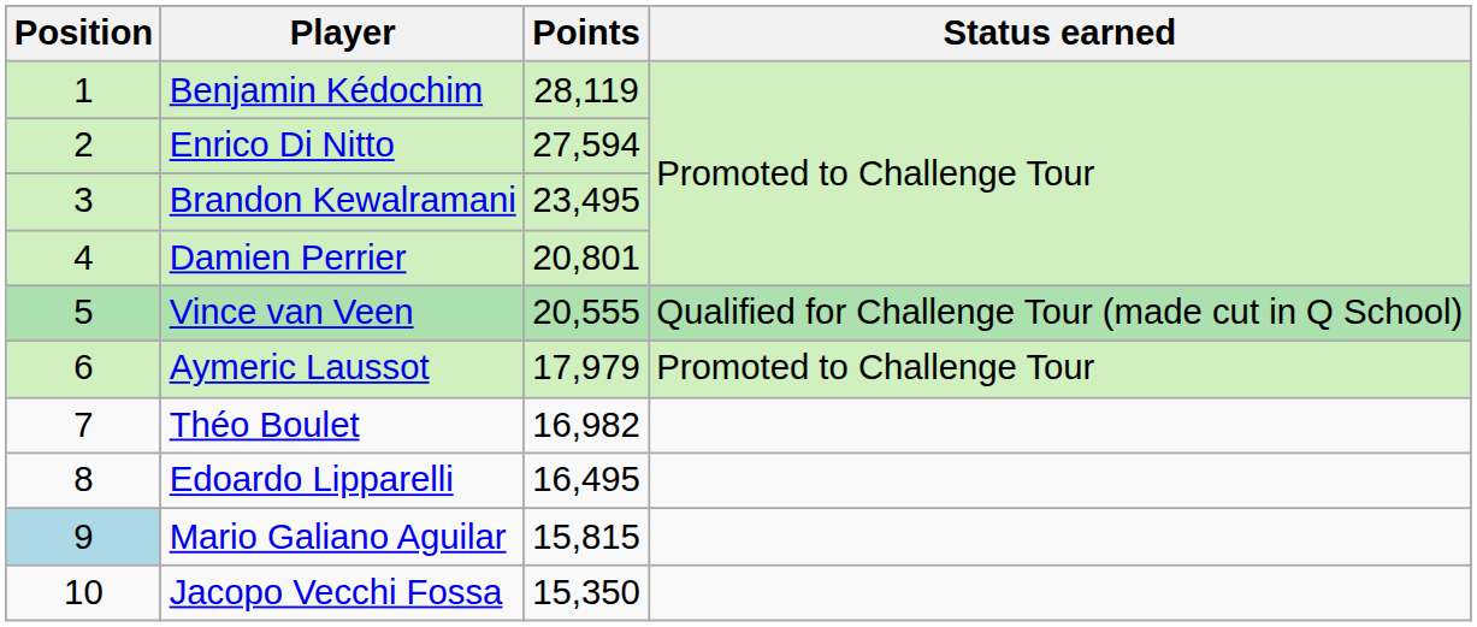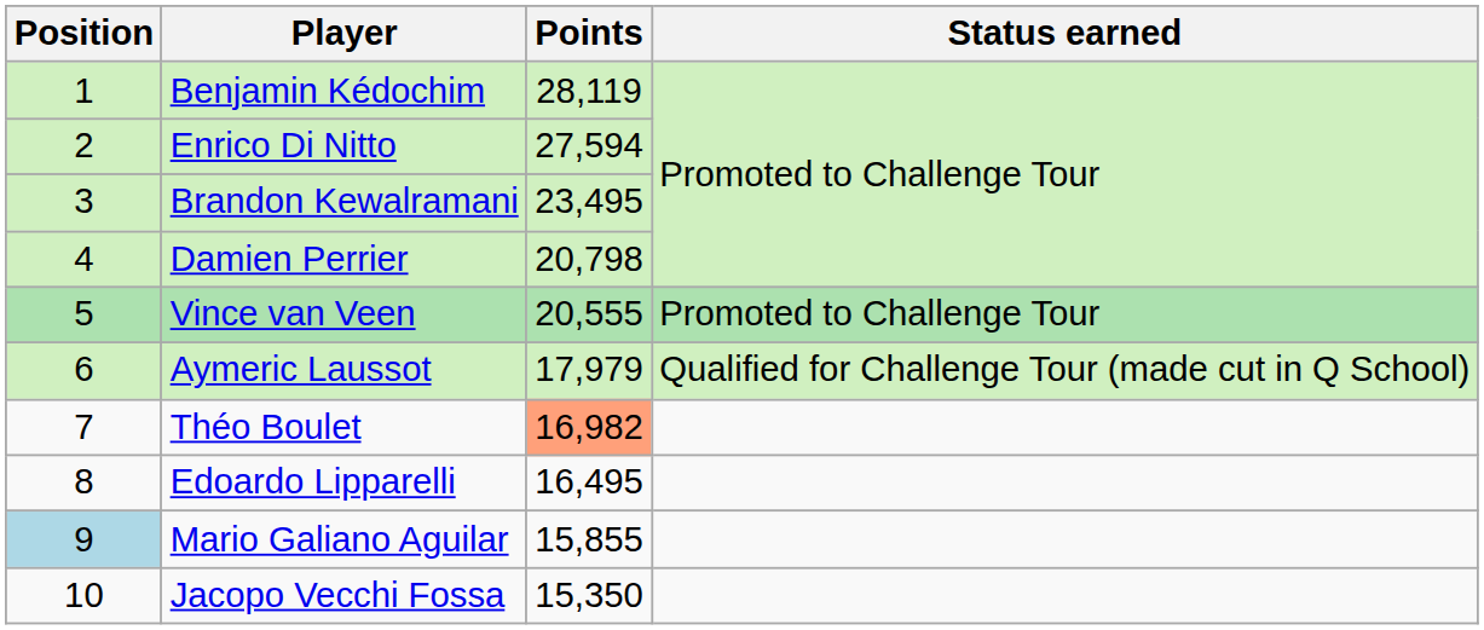 <table class=wikitable>
 <tr>
 <th>Position</th>
 <th>Player</th>
 <th>Points</th>
 <th>Status earned</th>
 </tr>
 <tr style="background:#D0F0C0;">
 <td align=center>1</td>
 <td> <a href='#'>Benjamin Kédochim</a></td>
 <td align=center>28,119</td>
 <td rowspan=4>Promoted to Challenge Tour</td>
 </tr>
 <tr style="background:#D0F0C0;">
 <td align=center>2</td>
 <td> <a href='#'>Enrico Di Nitto</a></td>
 <td align=center>27,594</td>
 </tr>
 <tr style="background:#D0F0C0;">
 <td align=center>3</td>
 <td> <a href='#'>Brandon Kewalramani</a></td>
 <td align=center>23,495</td>
 </tr>
 <tr style="background:#D0F0C0;">
 <td align=center>4</td>
 <td> <a href='#'>Damien Perrier</a></td>
-<td align=center>20,801</td>
+<td align=center>20,798</td>
 </tr>
 <tr style="background:#ACE1AF;">
 <td align=center>5</td>
 <td> <a href='#'>Vince van Veen</a></td>
 <td align=center>20,555</td>
-<td>Qualified for Challenge Tour (made cut in Q School)</td>
+<td>Promoted to Challenge Tour</td>
 </tr>
 <tr style="background:#D0F0C0;">
 <td align=center>6</td>
 <td> <a href='#'>Aymeric Laussot</a></td>
 <td align=center>17,979</td>
-<td>Promoted to Challenge Tour</td>
+<td>Qualified for Challenge Tour (made cut in Q School)</td>
 </tr>
 <tr>
 <td align=center>7</td>
 <td> <a href='#'>Théo Boulet</a></td>
-<td align=center>16,982</td>
+<td align=center style="background: lightsalmon;">16,982</td>
 <td></td>
 </tr>
 <tr>
 <td align=center>8</td>
 <td> <a href='#'>Edoardo Lipparelli</a></td>
 <td align=center>16,495</td>
 <td></td>
 </tr>
 <tr>
 <td align=center style="background: lightblue;">9</td>
 <td> <a href='#'>Mario Galiano Aguilar</a></td>
-<td align=center>15,815</td>
+<td align=center>15,855</td>
 <td></td>
 </tr>
 <tr>
 <td align=center>10</td>
 <td> <a href='#'>Jacopo Vecchi Fossa</a></td>
 <td align=center>15,350</td>
 <td></td>
 </tr>
 </table>
